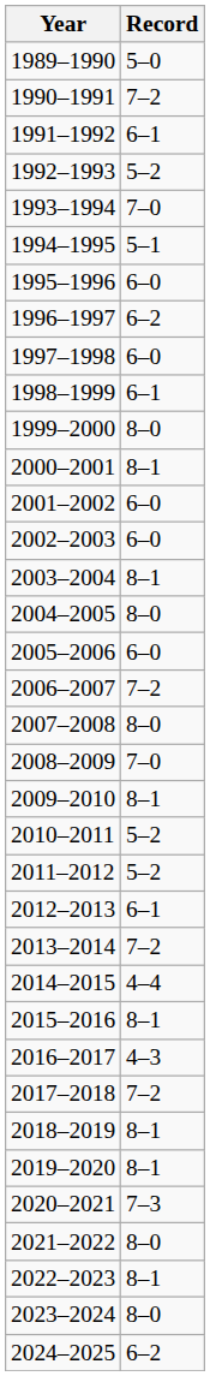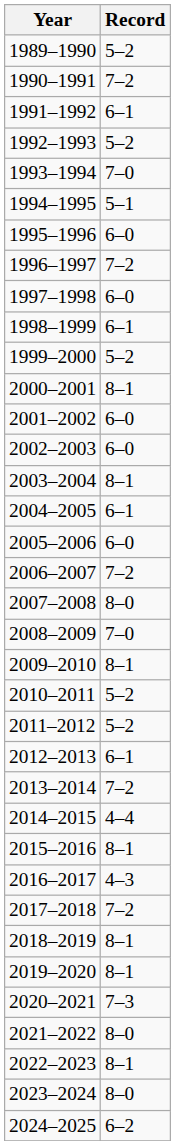 <table class="wikitable">
 <tr>
 <th>Year</th>
 <th>Record</th>
 </tr>
 <tr>
 <td>1989–1990</td>
-<td>5–0</td>
+<td>5–2</td>
 </tr>
 <tr>
 <td>1990–1991</td>
 <td>7–2</td>
 </tr>
 <tr>
 <td>1991–1992</td>
 <td>6–1</td>
 </tr>
 <tr>
 <td>1992–1993</td>
 <td>5–2</td>
 </tr>
 <tr>
 <td>1993–1994</td>
 <td>7–0</td>
 </tr>
 <tr>
 <td>1994–1995</td>
 <td>5–1</td>
 </tr>
 <tr>
 <td>1995–1996</td>
 <td>6–0</td>
 </tr>
 <tr>
 <td>1996–1997</td>
-<td>6–2</td>
+<td>7–2</td>
 </tr>
 <tr>
 <td>1997–1998</td>
 <td>6–0</td>
 </tr>
 <tr>
 <td>1998–1999</td>
 <td>6–1</td>
 </tr>
 <tr>
 <td>1999–2000</td>
-<td>8–0</td>
+<td>5–2</td>
 </tr>
 <tr>
 <td>2000–2001</td>
 <td>8–1</td>
 </tr>
 <tr>
 <td>2001–2002</td>
 <td>6–0</td>
 </tr>
 <tr>
 <td>2002–2003</td>
 <td>6–0</td>
 </tr>
 <tr>
 <td>2003–2004</td>
 <td>8–1</td>
 </tr>
 <tr>
 <td>2004–2005</td>
-<td>8–0</td>
+<td>6–1</td>
 </tr>
 <tr>
 <td>2005–2006</td>
 <td>6–0</td>
 </tr>
 <tr>
 <td>2006–2007</td>
 <td>7–2</td>
 </tr>
 <tr>
 <td>2007–2008</td>
 <td>8–0</td>
 </tr>
 <tr>
 <td>2008–2009</td>
 <td>7–0</td>
 </tr>
 <tr>
 <td>2009–2010</td>
 <td>8–1</td>
 </tr>
 <tr>
 <td>2010–2011</td>
 <td>5–2</td>
 </tr>
 <tr>
 <td>2011–2012</td>
 <td>5–2</td>
 </tr>
 <tr>
 <td>2012–2013</td>
 <td>6–1</td>
 </tr>
 <tr>
 <td>2013–2014</td>
 <td>7–2</td>
 </tr>
 <tr>
 <td>2014–2015</td>
 <td>4–4</td>
 </tr>
 <tr>
 <td>2015–2016</td>
 <td>8–1</td>
 </tr>
 <tr>
 <td>2016–2017</td>
 <td>4–3</td>
 </tr>
 <tr>
 <td>2017–2018</td>
 <td>7–2</td>
 </tr>
 <tr>
 <td>2018–2019</td>
 <td>8–1</td>
 </tr>
 <tr>
 <td>2019–2020</td>
 <td>8–1</td>
 </tr>
 <tr>
 <td>2020–2021</td>
 <td>7–3</td>
 </tr>
 <tr>
 <td>2021–2022</td>
 <td>8–0</td>
 </tr>
 <tr>
 <td>2022–2023</td>
 <td>8–1</td>
 </tr>
 <tr>
 <td>2023–2024</td>
 <td>8–0</td>
 </tr>
 <tr>
 <td>2024–2025</td>
 <td>6–2</td>
 </tr>
 </table>
